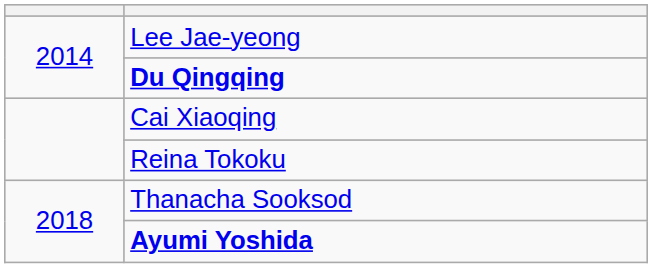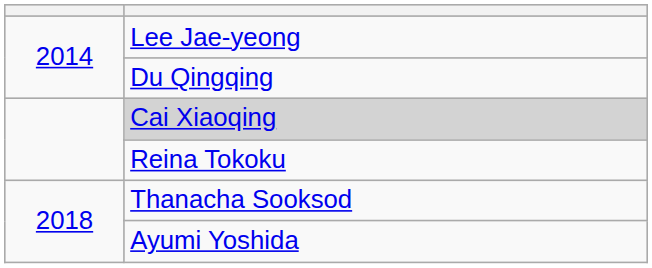 <table class=wikitable style="width: 400px;">
 <tr>
 <th width="40"></th>
 <th width="200"></th>
 </tr>
 <tr>
 <td align=center rowspan=2><a href='#'>2014</a></td>
 <td> <a href='#'>Lee Jae-yeong</a></td>
 </tr>
 <tr>
-<td><strong> <a href='#'>Du Qingqing</a></strong></td>
+<td> <a href='#'>Du Qingqing</a></td>
 </tr>
 <tr>
 <td align=center rowspan=2></td>
-<td> <a href='#'>Cai Xiaoqing</a></td>
+<td style="background: lightgrey;"> <a href='#'>Cai Xiaoqing</a></td>
 </tr>
 <tr>
 <td> <a href='#'>Reina Tokoku</a></td>
 </tr>
 <tr>
 <td align=center rowspan=2><a href='#'>2018</a></td>
 <td> <a href='#'>Thanacha Sooksod</a></td>
 </tr>
 <tr>
-<td><strong> <a href='#'>Ayumi Yoshida</a></strong></td>
+<td> <a href='#'>Ayumi Yoshida</a></td>
 </tr>
 </table>
